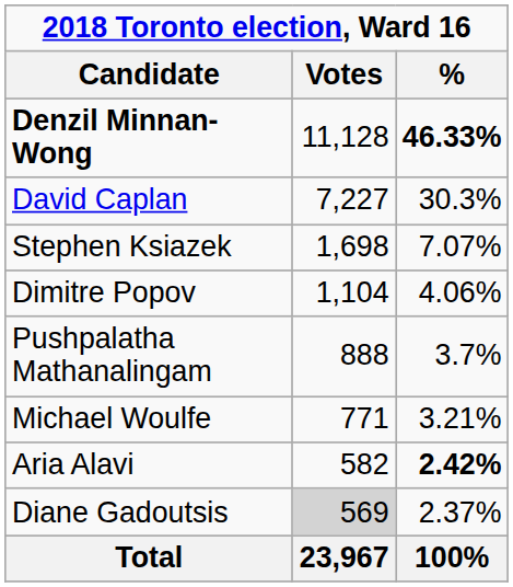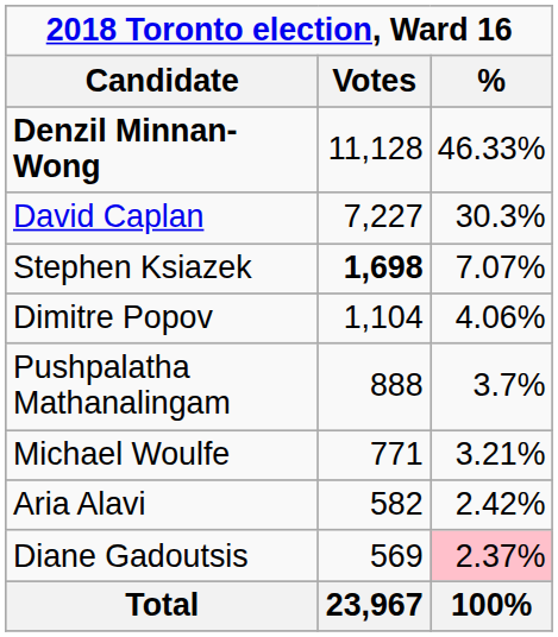 <table class="wikitable">
 <tr>
 <td Colspan="3" align="center"><strong><a href='#'>2018 Toronto election</a>, Ward 16</strong></td>
 </tr>
 <tr>
 <th bgcolor="#DDDDFF" width="150px">Candidate</th>
 <th bgcolor="#DDDDFF">Votes</th>
 <th bgcolor="#DDDDFF">%</th>
 </tr>
 <tr>
 <td><strong>Denzil Minnan-Wong</strong></td>
 <td align=right>11,128</td>
-<td align=right><strong>46.33%</strong></td>
+<td align=right>46.33%</td>
 </tr>
 <tr>
 <td><a href='#'>David Caplan</a></td>
 <td align=right>7,227</td>
 <td align=right>30.3%</td>
 </tr>
 <tr>
 <td>Stephen Ksiazek</td>
-<td align=right>1,698</td>
+<td align=right><strong>1,698</strong></td>
 <td align=right>7.07%</td>
 </tr>
 <tr>
 <td>Dimitre Popov</td>
 <td align=right>1,104</td>
 <td align=right>4.06%</td>
 </tr>
 <tr>
 <td>Pushpalatha Mathanalingam</td>
 <td align=right>888</td>
 <td align=right>3.7%</td>
 </tr>
 <tr>
 <td>Michael Woulfe</td>
 <td align=right>771</td>
 <td align=right>3.21%</td>
 </tr>
 <tr>
 <td>Aria Alavi</td>
 <td align=right>582</td>
-<td align=right><strong>2.42%</strong></td>
+<td align=right>2.42%</td>
 </tr>
 <tr>
 <td>Diane Gadoutsis</td>
-<td align=right style="background: lightgrey;">569</td>
-<td align=right>2.37%</td>
+<td align=right>569</td>
+<td align=right style="background: pink;">2.37%</td>
 </tr>
 <tr>
 <th>Total</th>
 <th align=right>23,967</th>
 <th align=right>100%</th>
 </tr>
 </table>
